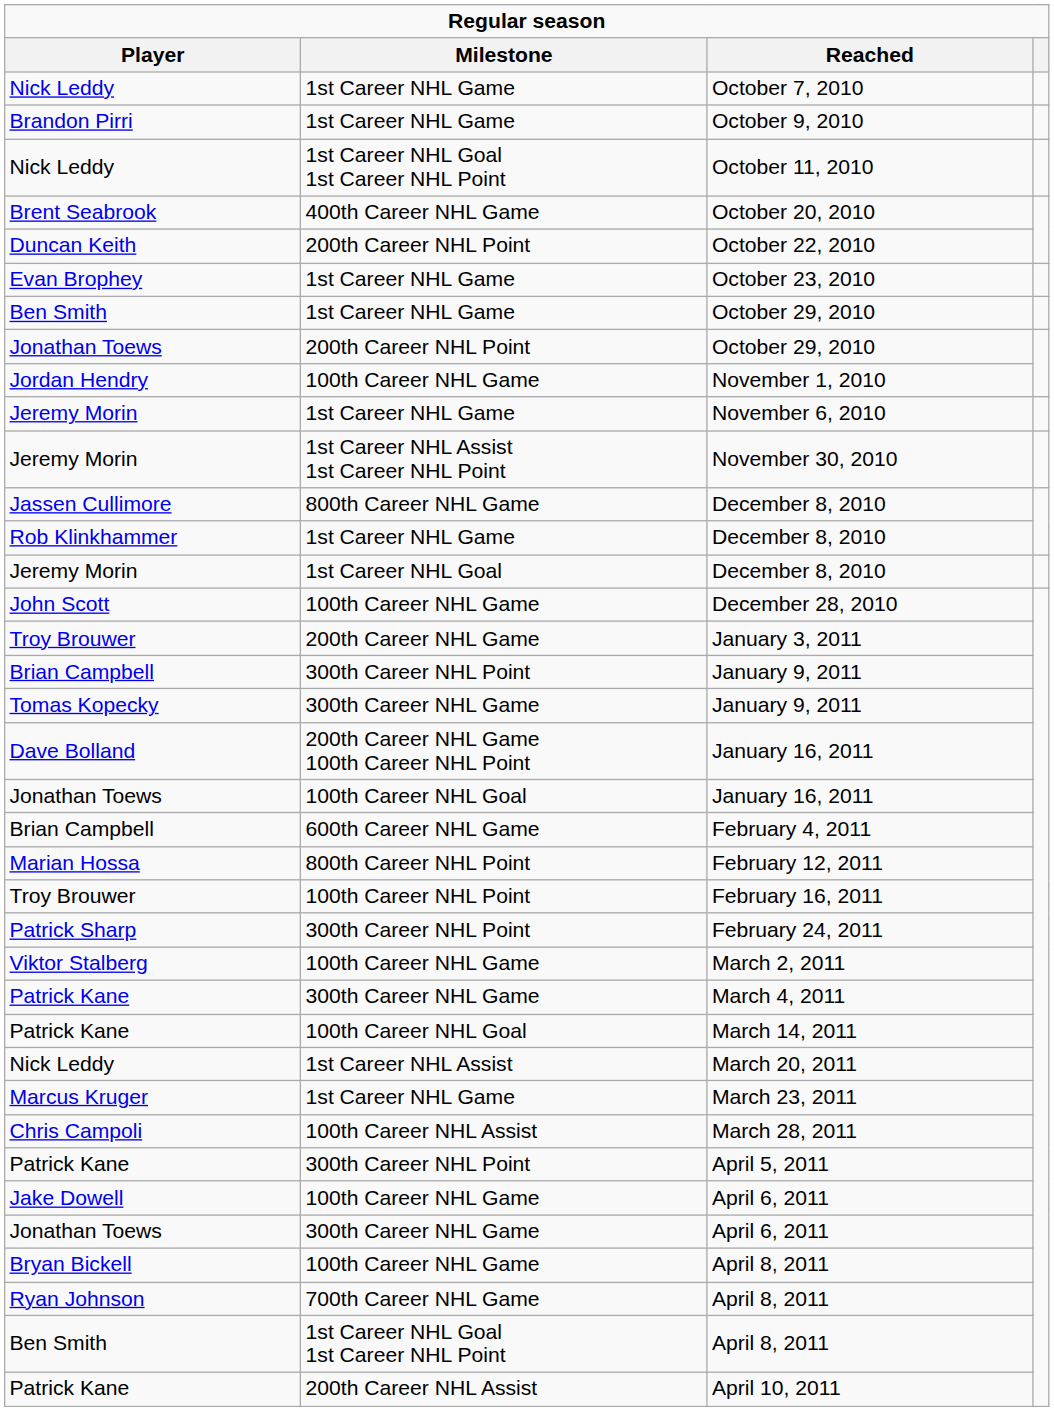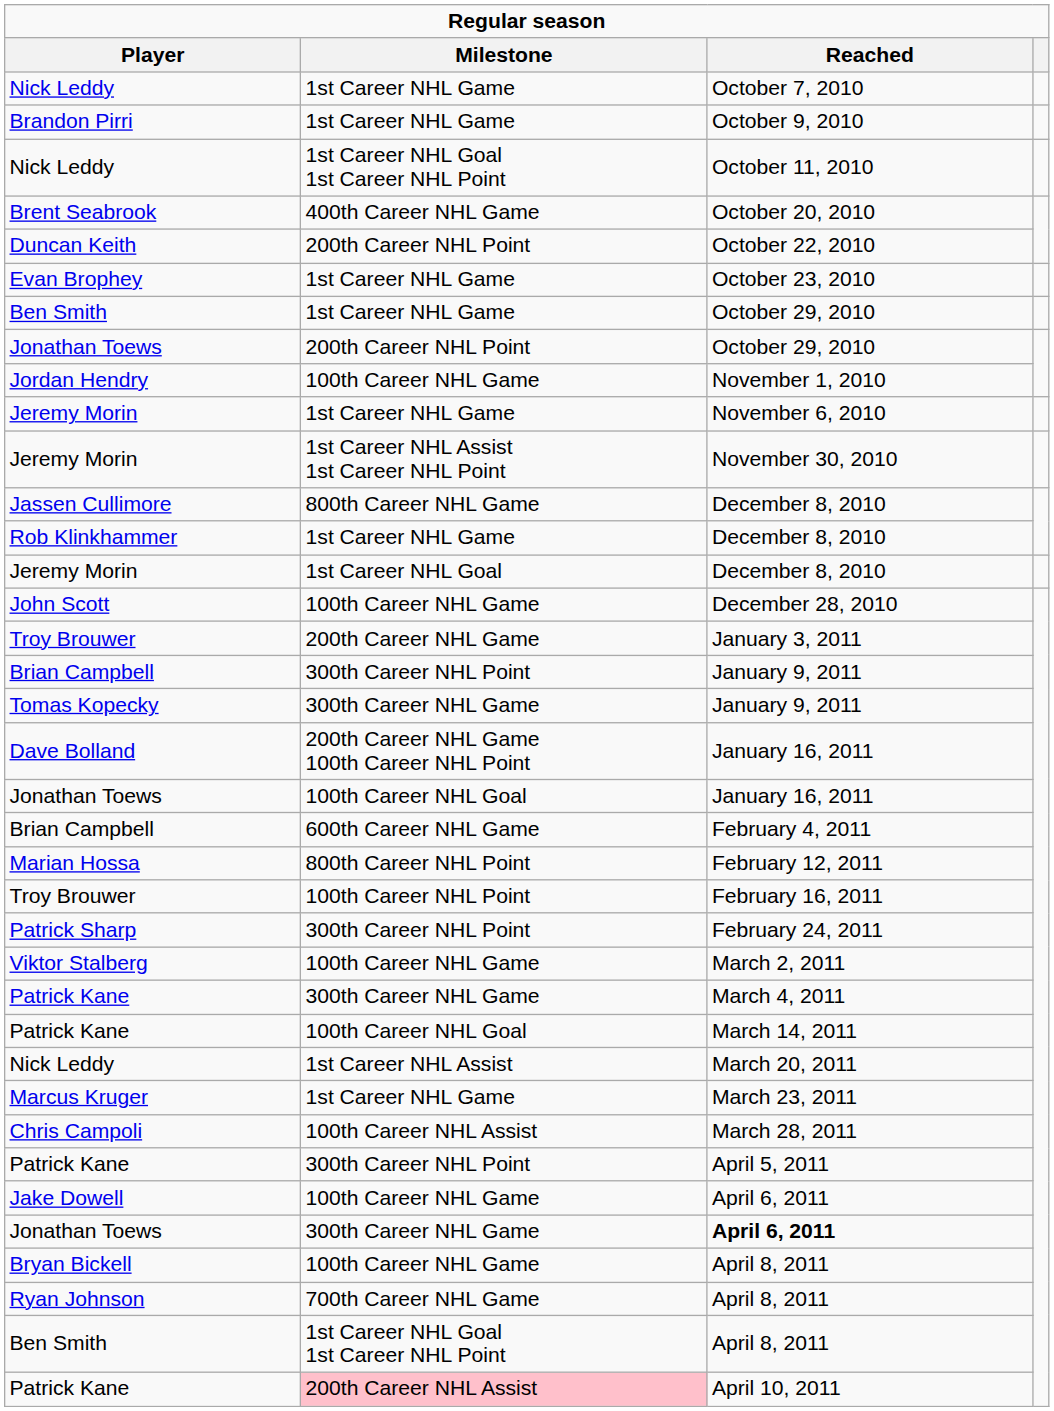 <table class="wikitable" width="50%">
 <tr>
 <td colspan="10" align="center"><strong>Regular season</strong></td>
 </tr>
 <tr>
 <th>Player</th>
 <th>Milestone</th>
 <th>Reached</th>
 <th></th>
 </tr>
 <tr>
 <td><a href='#'>Nick Leddy</a></td>
 <td>1st Career NHL Game</td>
 <td>October 7, 2010</td>
 <td></td>
 </tr>
 <tr>
 <td><a href='#'>Brandon Pirri</a></td>
 <td>1st Career NHL Game</td>
 <td>October 9, 2010</td>
 <td></td>
 </tr>
 <tr>
 <td>Nick Leddy</td>
 <td>1st Career NHL Goal<br>1st Career NHL Point</td>
 <td>October 11, 2010</td>
 <td></td>
 </tr>
 <tr>
 <td><a href='#'>Brent Seabrook</a></td>
 <td>400th Career NHL Game</td>
 <td>October 20, 2010</td>
 </tr>
 <tr>
 <td><a href='#'>Duncan Keith</a></td>
 <td>200th Career NHL Point</td>
 <td>October 22, 2010</td>
 </tr>
 <tr>
 <td><a href='#'>Evan Brophey</a></td>
 <td>1st Career NHL Game</td>
 <td>October 23, 2010</td>
 <td></td>
 </tr>
 <tr>
 <td><a href='#'>Ben Smith</a></td>
 <td>1st Career NHL Game</td>
 <td>October 29, 2010</td>
 <td></td>
 </tr>
 <tr>
 <td><a href='#'>Jonathan Toews</a></td>
 <td>200th Career NHL Point</td>
 <td>October 29, 2010</td>
 </tr>
 <tr>
 <td><a href='#'>Jordan Hendry</a></td>
 <td>100th Career NHL Game</td>
 <td>November 1, 2010</td>
 </tr>
 <tr>
 <td><a href='#'>Jeremy Morin</a></td>
 <td>1st Career NHL Game</td>
 <td>November 6, 2010</td>
 <td></td>
 </tr>
 <tr>
 <td>Jeremy Morin</td>
 <td>1st Career NHL Assist<br>1st Career NHL Point</td>
 <td>November 30, 2010</td>
 <td></td>
 </tr>
 <tr>
 <td><a href='#'>Jassen Cullimore</a></td>
 <td>800th Career NHL Game</td>
 <td>December 8, 2010</td>
 </tr>
 <tr>
 <td><a href='#'>Rob Klinkhammer</a></td>
 <td>1st Career NHL Game</td>
 <td>December 8, 2010</td>
 </tr>
 <tr>
 <td>Jeremy Morin</td>
 <td>1st Career NHL Goal</td>
 <td>December 8, 2010</td>
 <td></td>
 </tr>
 <tr>
 <td><a href='#'>John Scott</a></td>
 <td>100th Career NHL Game</td>
 <td>December 28, 2010</td>
 </tr>
 <tr>
 <td><a href='#'>Troy Brouwer</a></td>
 <td>200th Career NHL Game</td>
 <td>January 3, 2011</td>
 </tr>
 <tr>
 <td><a href='#'>Brian Campbell</a></td>
 <td>300th Career NHL Point</td>
 <td>January 9, 2011</td>
 </tr>
 <tr>
 <td><a href='#'>Tomas Kopecky</a></td>
 <td>300th Career NHL Game</td>
 <td>January 9, 2011</td>
 </tr>
 <tr>
 <td><a href='#'>Dave Bolland</a></td>
 <td>200th Career NHL Game<br>100th Career NHL Point</td>
 <td>January 16, 2011</td>
 </tr>
 <tr>
 <td>Jonathan Toews</td>
 <td>100th Career NHL Goal</td>
 <td>January 16, 2011</td>
 </tr>
 <tr>
 <td>Brian Campbell</td>
 <td>600th Career NHL Game</td>
 <td>February 4, 2011</td>
 </tr>
 <tr>
 <td><a href='#'>Marian Hossa</a></td>
 <td>800th Career NHL Point</td>
 <td>February 12, 2011</td>
 </tr>
 <tr>
 <td>Troy Brouwer</td>
 <td>100th Career NHL Point</td>
 <td>February 16, 2011</td>
 </tr>
 <tr>
 <td><a href='#'>Patrick Sharp</a></td>
 <td>300th Career NHL Point</td>
 <td>February 24, 2011</td>
 </tr>
 <tr>
 <td><a href='#'>Viktor Stalberg</a></td>
 <td>100th Career NHL Game</td>
 <td>March 2, 2011</td>
 </tr>
 <tr>
 <td><a href='#'>Patrick Kane</a></td>
 <td>300th Career NHL Game</td>
 <td>March 4, 2011</td>
 </tr>
 <tr>
 <td>Patrick Kane</td>
 <td>100th Career NHL Goal</td>
 <td>March 14, 2011</td>
 </tr>
 <tr>
 <td>Nick Leddy</td>
 <td>1st Career NHL Assist</td>
 <td>March 20, 2011</td>
 </tr>
 <tr>
 <td><a href='#'>Marcus Kruger</a></td>
 <td>1st Career NHL Game</td>
 <td>March 23, 2011</td>
 </tr>
 <tr>
 <td><a href='#'>Chris Campoli</a></td>
 <td>100th Career NHL Assist</td>
 <td>March 28, 2011</td>
 </tr>
 <tr>
 <td>Patrick Kane</td>
 <td>300th Career NHL Point</td>
 <td>April 5, 2011</td>
 </tr>
 <tr>
 <td><a href='#'>Jake Dowell</a></td>
 <td>100th Career NHL Game</td>
 <td>April 6, 2011</td>
 </tr>
 <tr>
 <td>Jonathan Toews</td>
 <td>300th Career NHL Game</td>
-<td>April 6, 2011</td>
+<td><strong>April 6, 2011</strong></td>
 </tr>
 <tr>
 <td><a href='#'>Bryan Bickell</a></td>
 <td>100th Career NHL Game</td>
 <td>April 8, 2011</td>
 </tr>
 <tr>
 <td><a href='#'>Ryan Johnson</a></td>
 <td>700th Career NHL Game</td>
 <td>April 8, 2011</td>
 </tr>
 <tr>
 <td>Ben Smith</td>
 <td>1st Career NHL Goal<br>1st Career NHL Point</td>
 <td>April 8, 2011</td>
 </tr>
 <tr>
 <td>Patrick Kane</td>
-<td>200th Career NHL Assist</td>
+<td style="background: pink;">200th Career NHL Assist</td>
 <td>April 10, 2011</td>
 </tr>
 </table>
